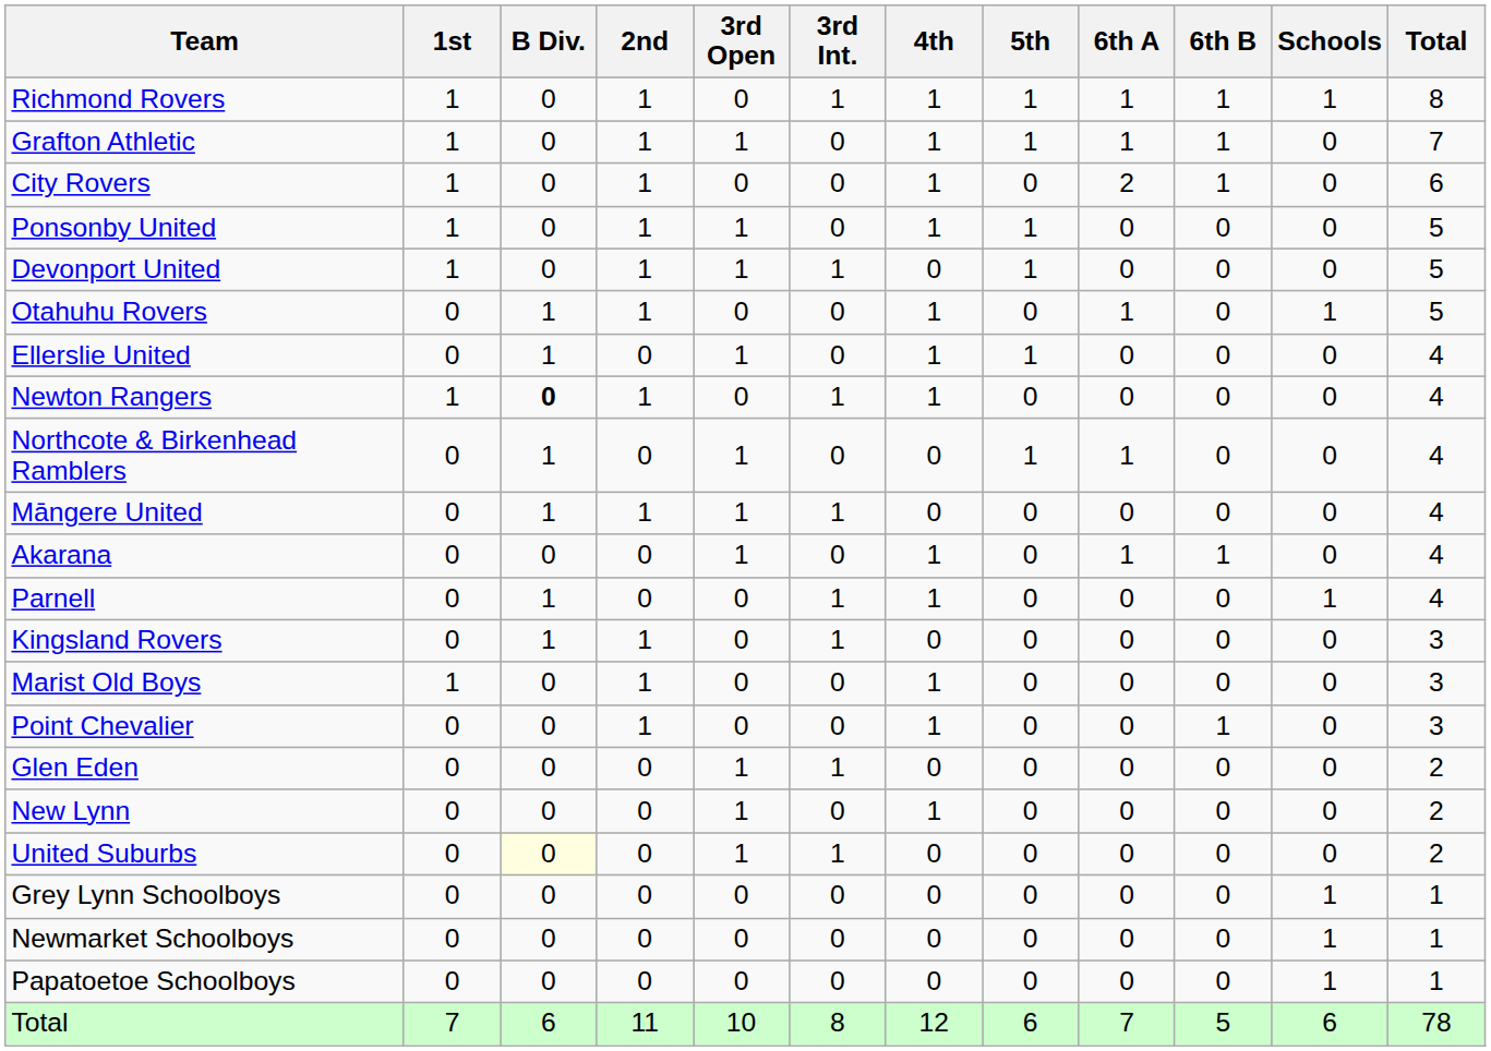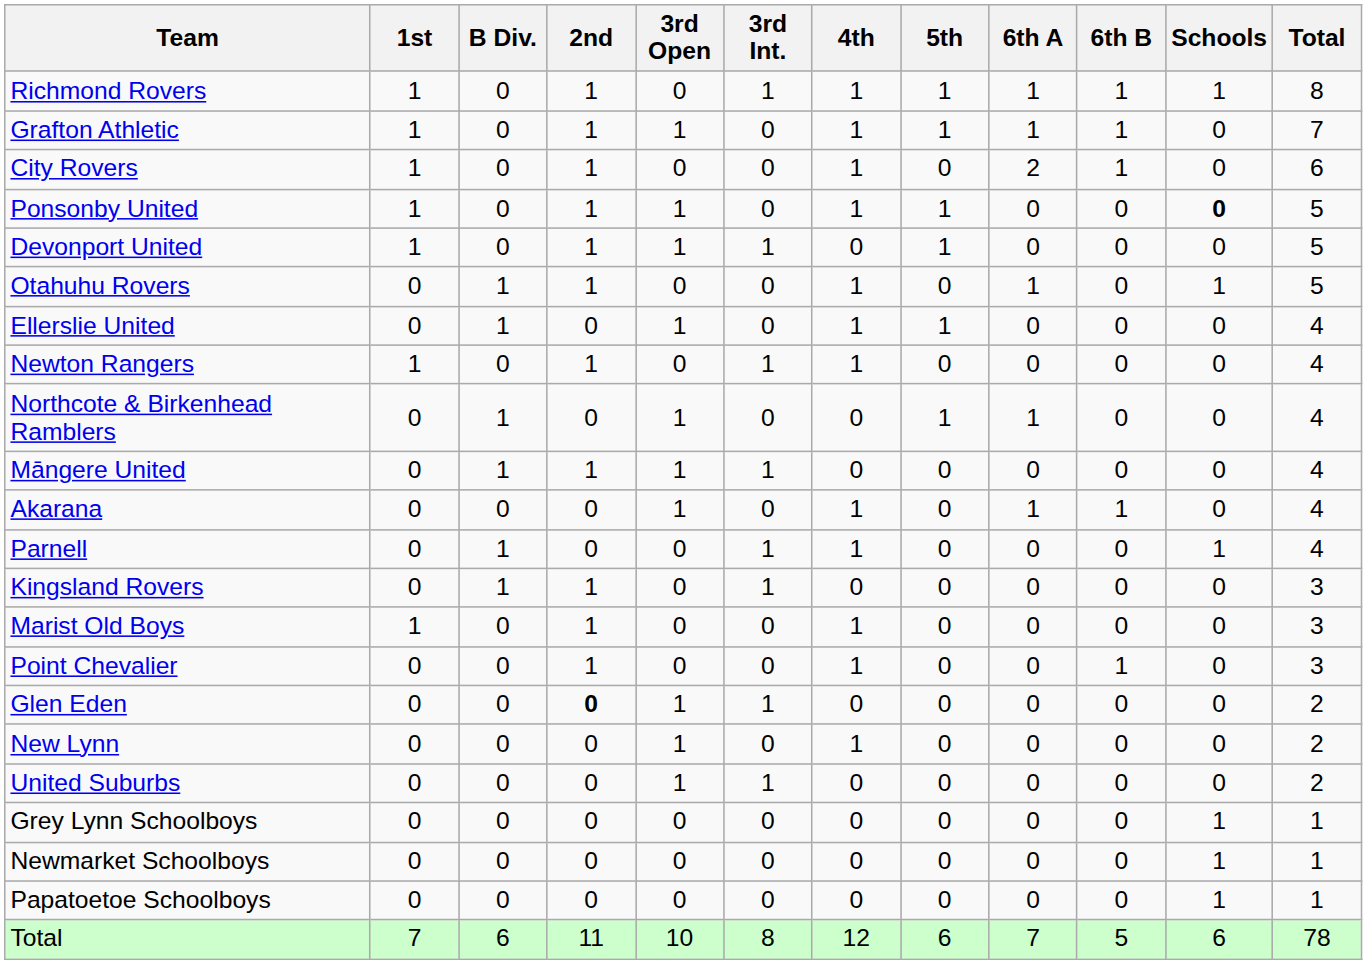 <table class="wikitable" style="text-align:center;">
 <tr>
 <th width=230>Team</th>
 <th width=50 abbr="1st Grade">1st</th>
 <th width=50 abbr="B Grade">B Div.</th>
 <th width=50 abbr="2nd Grade">2nd</th>
 <th width=50 abbr="3rd Grade">3rd Open</th>
 <th width=50 abbr="3rd Grade">3rd Int.</th>
 <th width=50 abbr="4th Grade">4th</th>
 <th width=50 abbr="5th Grade">5th</th>
 <th width=50 abbr="6th Grade">6th A</th>
 <th width=50 abbr="6th Grade">6th B</th>
 <th width=50 abbr="Schoolboys">Schools</th>
 <th width=50 abbr="Total">Total</th>
 </tr>
 <tr>
 <td style="text-align:left;"><a href='#'>Richmond Rovers</a></td>
 <td>1</td>
 <td>0</td>
 <td>1</td>
 <td>0</td>
 <td>1</td>
 <td>1</td>
 <td>1</td>
 <td>1</td>
 <td>1</td>
 <td>1</td>
 <td>8</td>
 </tr>
 <tr>
 <td style="text-align:left;"><a href='#'>Grafton Athletic</a></td>
 <td>1</td>
 <td>0</td>
 <td>1</td>
 <td>1</td>
 <td>0</td>
 <td>1</td>
 <td>1</td>
 <td>1</td>
 <td>1</td>
 <td>0</td>
 <td>7</td>
 </tr>
 <tr>
 <td style="text-align:left;"><a href='#'>City Rovers</a></td>
 <td>1</td>
 <td>0</td>
 <td>1</td>
 <td>0</td>
 <td>0</td>
 <td>1</td>
 <td>0</td>
 <td>2</td>
 <td>1</td>
 <td>0</td>
 <td>6</td>
 </tr>
 <tr>
 <td style="text-align:left;"><a href='#'>Ponsonby United</a></td>
 <td>1</td>
 <td>0</td>
 <td>1</td>
 <td>1</td>
 <td>0</td>
 <td>1</td>
 <td>1</td>
 <td>0</td>
 <td>0</td>
-<td>0</td>
+<td><strong>0</strong></td>
 <td>5</td>
 </tr>
 <tr>
 <td style="text-align:left;"><a href='#'>Devonport United</a></td>
 <td>1</td>
 <td>0</td>
 <td>1</td>
 <td>1</td>
 <td>1</td>
 <td>0</td>
 <td>1</td>
 <td>0</td>
 <td>0</td>
 <td>0</td>
 <td>5</td>
 </tr>
 <tr>
 <td style="text-align:left;"><a href='#'>Otahuhu Rovers</a></td>
 <td>0</td>
 <td>1</td>
 <td>1</td>
 <td>0</td>
 <td>0</td>
 <td>1</td>
 <td>0</td>
 <td>1</td>
 <td>0</td>
 <td>1</td>
 <td>5</td>
 </tr>
 <tr>
 <td style="text-align:left;"><a href='#'>Ellerslie United</a></td>
 <td>0</td>
 <td>1</td>
 <td>0</td>
 <td>1</td>
 <td>0</td>
 <td>1</td>
 <td>1</td>
 <td>0</td>
 <td>0</td>
 <td>0</td>
 <td>4</td>
 </tr>
 <tr>
 <td style="text-align:left;"><a href='#'>Newton Rangers</a></td>
 <td>1</td>
-<td><strong>0</strong></td>
+<td>0</td>
 <td>1</td>
 <td>0</td>
 <td>1</td>
 <td>1</td>
 <td>0</td>
 <td>0</td>
 <td>0</td>
 <td>0</td>
 <td>4</td>
 </tr>
 <tr>
 <td style="text-align:left;"><a href='#'>Northcote & Birkenhead Ramblers</a></td>
 <td>0</td>
 <td>1</td>
 <td>0</td>
 <td>1</td>
 <td>0</td>
 <td>0</td>
 <td>1</td>
 <td>1</td>
 <td>0</td>
 <td>0</td>
 <td>4</td>
 </tr>
 <tr>
 <td style="text-align:left;"><a href='#'>Māngere United</a></td>
 <td>0</td>
 <td>1</td>
 <td>1</td>
 <td>1</td>
 <td>1</td>
 <td>0</td>
 <td>0</td>
 <td>0</td>
 <td>0</td>
 <td>0</td>
 <td>4</td>
 </tr>
 <tr>
 <td style="text-align:left;"><a href='#'>Akarana</a></td>
 <td>0</td>
 <td>0</td>
 <td>0</td>
 <td>1</td>
 <td>0</td>
 <td>1</td>
 <td>0</td>
 <td>1</td>
 <td>1</td>
 <td>0</td>
 <td>4</td>
 </tr>
 <tr>
 <td style="text-align:left;"><a href='#'>Parnell</a></td>
 <td>0</td>
 <td>1</td>
 <td>0</td>
 <td>0</td>
 <td>1</td>
 <td>1</td>
 <td>0</td>
 <td>0</td>
 <td>0</td>
 <td>1</td>
 <td>4</td>
 </tr>
 <tr>
 <td style="text-align:left;"><a href='#'>Kingsland Rovers</a></td>
 <td>0</td>
 <td>1</td>
 <td>1</td>
 <td>0</td>
 <td>1</td>
 <td>0</td>
 <td>0</td>
 <td>0</td>
 <td>0</td>
 <td>0</td>
 <td>3</td>
 </tr>
 <tr>
 <td style="text-align:left;"><a href='#'>Marist Old Boys</a></td>
 <td>1</td>
 <td>0</td>
 <td>1</td>
 <td>0</td>
 <td>0</td>
 <td>1</td>
 <td>0</td>
 <td>0</td>
 <td>0</td>
 <td>0</td>
 <td>3</td>
 </tr>
 <tr>
 <td style="text-align:left;"><a href='#'>Point Chevalier</a></td>
 <td>0</td>
 <td>0</td>
 <td>1</td>
 <td>0</td>
 <td>0</td>
 <td>1</td>
 <td>0</td>
 <td>0</td>
 <td>1</td>
 <td>0</td>
 <td>3</td>
 </tr>
 <tr>
 <td style="text-align:left;"><a href='#'>Glen Eden</a></td>
 <td>0</td>
 <td>0</td>
-<td>0</td>
+<td><strong>0</strong></td>
 <td>1</td>
 <td>1</td>
 <td>0</td>
 <td>0</td>
 <td>0</td>
 <td>0</td>
 <td>0</td>
 <td>2</td>
 </tr>
 <tr>
 <td style="text-align:left;"><a href='#'>New Lynn</a></td>
 <td>0</td>
 <td>0</td>
 <td>0</td>
 <td>1</td>
 <td>0</td>
 <td>1</td>
 <td>0</td>
 <td>0</td>
 <td>0</td>
 <td>0</td>
 <td>2</td>
 </tr>
 <tr>
 <td style="text-align:left;"><a href='#'>United Suburbs</a></td>
 <td>0</td>
-<td style="background: lightyellow;">0</td>
+<td>0</td>
 <td>0</td>
 <td>1</td>
 <td>1</td>
 <td>0</td>
 <td>0</td>
 <td>0</td>
 <td>0</td>
 <td>0</td>
 <td>2</td>
 </tr>
 <tr>
 <td style="text-align:left;">Grey Lynn Schoolboys</td>
 <td>0</td>
 <td>0</td>
 <td>0</td>
 <td>0</td>
 <td>0</td>
 <td>0</td>
 <td>0</td>
 <td>0</td>
 <td>0</td>
 <td>1</td>
 <td>1</td>
 </tr>
 <tr>
 <td style="text-align:left;">Newmarket Schoolboys</td>
 <td>0</td>
 <td>0</td>
 <td>0</td>
 <td>0</td>
 <td>0</td>
 <td>0</td>
 <td>0</td>
 <td>0</td>
 <td>0</td>
 <td>1</td>
 <td>1</td>
 </tr>
 <tr>
 <td style="text-align:left;">Papatoetoe Schoolboys</td>
 <td>0</td>
 <td>0</td>
 <td>0</td>
 <td>0</td>
 <td>0</td>
 <td>0</td>
 <td>0</td>
 <td>0</td>
 <td>0</td>
 <td>1</td>
 <td>1</td>
 </tr>
 <tr style="background: #ccffcc;">
 <td style="text-align:left;">Total</td>
 <td>7</td>
 <td>6</td>
 <td>11</td>
 <td>10</td>
 <td>8</td>
 <td>12</td>
 <td>6</td>
 <td>7</td>
 <td>5</td>
 <td>6</td>
 <td>78</td>
 </tr>
 <tr>
 </tr>
 </table>
